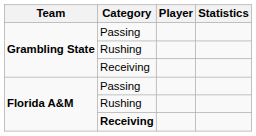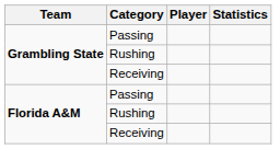 <table class="wikitable" style="float: left;">
 <tr>
 <th>Team</th>
 <th>Category</th>
 <th>Player</th>
 <th>Statistics</th>
 </tr>
 <tr>
 <td rowspan=3><strong>Grambling State</strong></td>
 <td>Passing</td>
 <td> </td>
 <td> </td>
 </tr>
 <tr>
 <td>Rushing</td>
 <td> </td>
 <td> </td>
 </tr>
 <tr>
 <td>Receiving</td>
 <td> </td>
 <td> </td>
 </tr>
 <tr>
 <td rowspan=3><strong>Florida A&M</strong></td>
 <td>Passing</td>
 <td> </td>
 <td> </td>
 </tr>
 <tr>
 <td>Rushing</td>
 <td> </td>
 <td> </td>
 </tr>
 <tr>
-<td><strong>Receiving</strong></td>
+<td>Receiving</td>
 <td> </td>
 <td> </td>
 </tr>
 </table>
